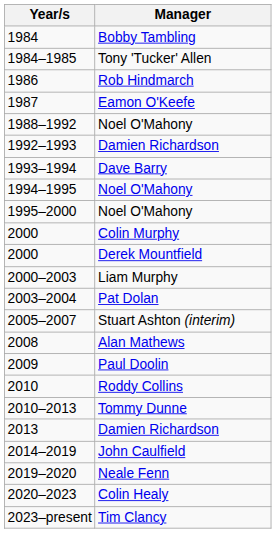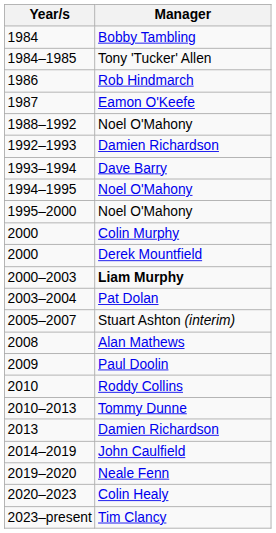 <table class="wikitable">
 <tr>
 <th Align=Left>Year/s</th>
 <th Align=Left>Manager</th>
 </tr>
 <tr>
 <td style="width:34%;">1984</td>
 <td style="width:70%;"> <a href='#'>Bobby Tambling</a></td>
 </tr>
 <tr>
 <td>1984–1985</td>
 <td> Tony 'Tucker' Allen</td>
 </tr>
 <tr>
 <td>1986</td>
 <td> <a href='#'>Rob Hindmarch</a></td>
 </tr>
 <tr>
 <td>1987</td>
 <td> <a href='#'>Eamon O'Keefe</a></td>
 </tr>
 <tr>
 <td>1988–1992</td>
 <td> Noel O'Mahony</td>
 </tr>
 <tr>
 <td>1992–1993</td>
 <td> <a href='#'>Damien Richardson</a></td>
 </tr>
 <tr>
 <td>1993–1994</td>
 <td> <a href='#'>Dave Barry</a></td>
 </tr>
 <tr>
 <td>1994–1995</td>
 <td> <a href='#'>Noel O'Mahony</a></td>
 </tr>
 <tr>
 <td>1995–2000</td>
 <td> Noel O'Mahony</td>
 </tr>
 <tr>
 <td>2000</td>
 <td> <a href='#'>Colin Murphy</a></td>
 </tr>
 <tr>
 <td>2000</td>
 <td> <a href='#'>Derek Mountfield</a></td>
 </tr>
 <tr>
 <td>2000–2003</td>
-<td> Liam Murphy</td>
+<td><strong> Liam Murphy</strong></td>
 </tr>
 <tr>
 <td>2003–2004</td>
 <td> <a href='#'>Pat Dolan</a></td>
 </tr>
 <tr>
 <td>2005–2007</td>
 <td> Stuart Ashton <em>(interim)</em></td>
 </tr>
 <tr>
 <td>2008</td>
 <td> <a href='#'>Alan Mathews</a></td>
 </tr>
 <tr>
 <td>2009</td>
 <td> <a href='#'>Paul Doolin</a></td>
 </tr>
 <tr>
 <td>2010</td>
 <td> <a href='#'>Roddy Collins</a></td>
 </tr>
 <tr>
 <td>2010–2013</td>
 <td> <a href='#'>Tommy Dunne</a></td>
 </tr>
 <tr>
 <td>2013</td>
 <td> <a href='#'>Damien Richardson</a></td>
 </tr>
 <tr>
 <td>2014–2019</td>
 <td> <a href='#'>John Caulfield</a></td>
 </tr>
 <tr>
 <td>2019–2020</td>
 <td> <a href='#'>Neale Fenn</a></td>
 </tr>
 <tr>
 <td>2020–2023</td>
 <td> <a href='#'>Colin Healy</a></td>
 </tr>
 <tr>
 <td>2023–present</td>
 <td> <a href='#'>Tim Clancy</a></td>
 </tr>
 </table>
